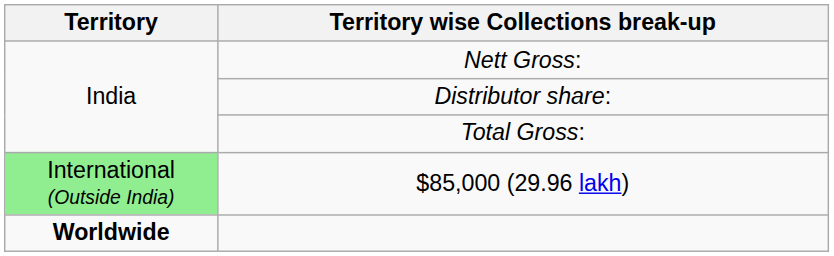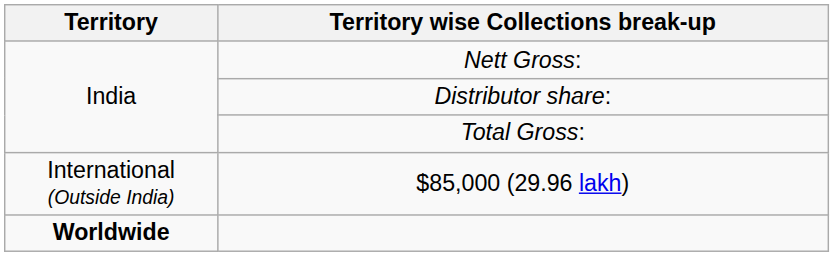 <table class="wikitable"  style="float:centre; width:45%; text-align:center;">
 <tr>
 <th>Territory</th>
 <th>Territory wise Collections break-up</th>
 </tr>
 <tr>
 <td rowspan="3">India</td>
 <td><em>Nett Gross</em>:<br></td>
 </tr>
 <tr>
 <td><em>Distributor share</em>:<br></td>
 </tr>
 <tr>
 <td><em>Total Gross</em>:<br></td>
 </tr>
 <tr>
-<td rowspan="1" style="background: lightgreen;">International<br> <small><em>(Outside India)</em></small></td>
+<td rowspan="1">International<br> <small><em>(Outside India)</em></small></td>
 <td>$85,000 (29.96 <a href='#'>lakh</a>)</td>
 </tr>
 <tr>
 <td><strong>Worldwide</strong></td>
 <td></td>
 </tr>
 </table>
